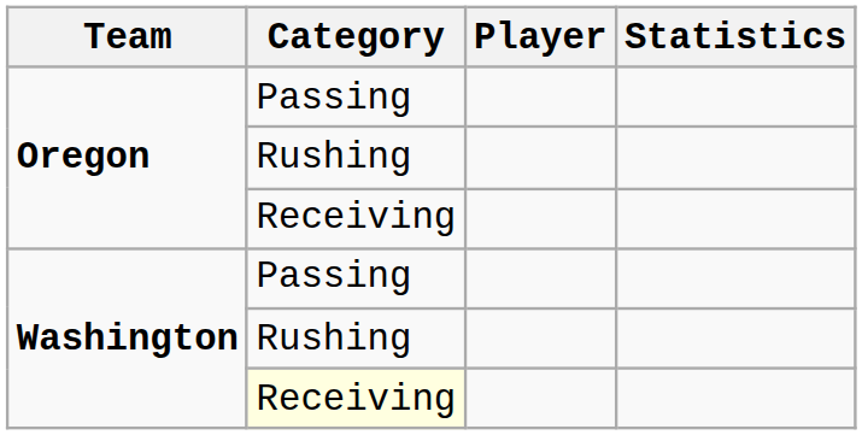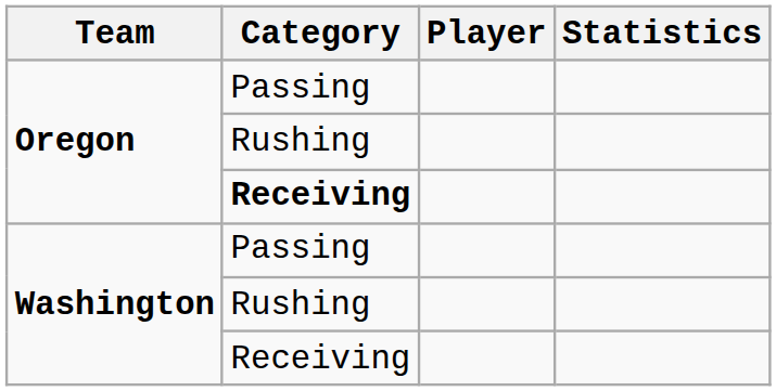 <table class="wikitable" style="float: right;">
 <tr>
 <th>Team</th>
 <th>Category</th>
 <th>Player</th>
 <th>Statistics</th>
 </tr>
 <tr>
 <td rowspan=3><strong>Oregon</strong></td>
 <td>Passing</td>
 <td></td>
 <td></td>
 </tr>
 <tr>
 <td>Rushing</td>
 <td></td>
 <td></td>
 </tr>
 <tr>
-<td>Receiving</td>
+<td><strong>Receiving</strong></td>
 <td></td>
 <td></td>
 </tr>
 <tr>
 <td rowspan=3><strong>Washington</strong></td>
 <td>Passing</td>
 <td></td>
 <td></td>
 </tr>
 <tr>
 <td>Rushing</td>
 <td></td>
 <td></td>
 </tr>
 <tr>
-<td style="background: lightyellow;">Receiving</td>
+<td>Receiving</td>
 <td></td>
 <td></td>
 </tr>
 </table>
